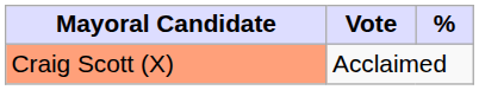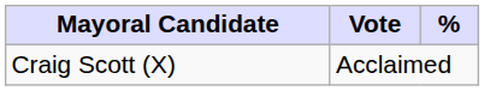 <table class="wikitable">
 <tr>
 <th style="background:#ddf; width:200px;">Mayoral Candidate</th>
 <th style="background:#ddf; width:50px;">Vote</th>
 <th style="background:#ddf; width:30px;">%</th>
 </tr>
 <tr>
-<td style="background: lightsalmon;">Craig Scott (X)</td>
+<td>Craig Scott (X)</td>
 <td colspan="2">Acclaimed</td>
 </tr>
 </table>
